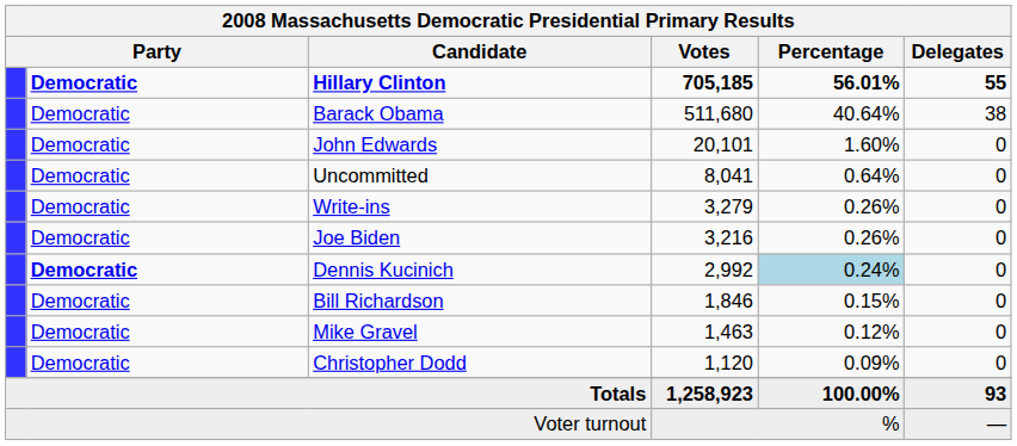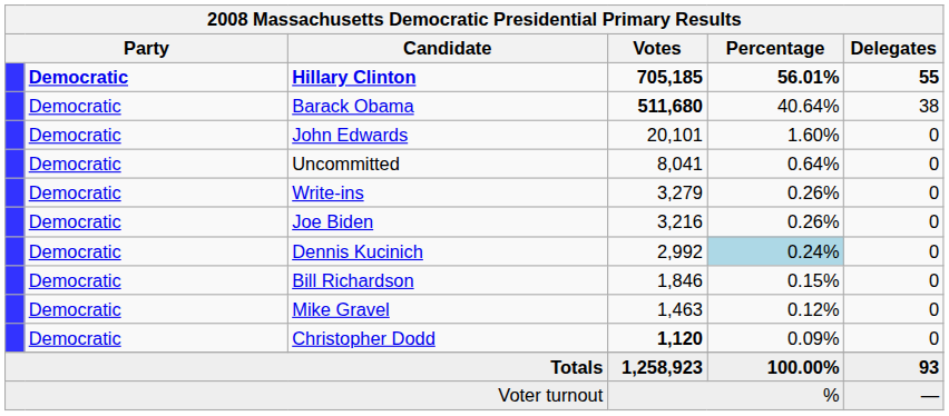 <table class="wikitable" style="font-size:95%;">
 <tr>
 <th colspan="7">2008 Massachusetts Democratic Presidential Primary Results</th>
 </tr>
 <tr>
 <th colspan="2" style="width: 15em">Party</th>
 <th style="width: 17em">Candidate</th>
 <th style="width: 5em">Votes</th>
 <th style="width: 7em">Percentage</th>
 <th style="width: 5em">Delegates</th>
 </tr>
 <tr>
 <th style="background-color:#3333FF; width: 3px"></th>
 <td style="width: 130px"><strong><a href='#'>Democratic</a></strong></td>
 <td><strong><a href='#'>Hillary Clinton</a></strong></td>
 <td align="right"><strong>705,185</strong></td>
 <td align="right"><strong>56.01%</strong></td>
 <td align="right"><strong>55</strong></td>
 </tr>
 <tr>
 <th style="background-color:#3333FF; width: 3px"></th>
 <td style="width: 130px"><a href='#'>Democratic</a></td>
 <td><a href='#'>Barack Obama</a></td>
-<td align="right">511,680</td>
+<td align="right"><strong>511,680</strong></td>
 <td align="right">40.64%</td>
 <td align="right">38</td>
 </tr>
 <tr>
 <th style="background-color:#3333FF; width: 3px"></th>
 <td style="width: 130px"><a href='#'>Democratic</a></td>
 <td><a href='#'>John Edwards</a></td>
 <td align="right">20,101</td>
 <td align="right">1.60%</td>
 <td align="right">0</td>
 </tr>
 <tr>
 <th style="background-color:#3333FF; width: 3px"></th>
 <td style="width: 130px"><a href='#'>Democratic</a></td>
 <td>Uncommitted</td>
 <td align="right">8,041</td>
 <td align="right">0.64%</td>
 <td align="right">0</td>
 </tr>
 <tr>
 <th style="background-color:#3333FF; width: 3px"></th>
 <td style="width: 130px"><a href='#'>Democratic</a></td>
 <td><a href='#'>Write-ins</a></td>
 <td align="right">3,279</td>
 <td align="right">0.26%</td>
 <td align="right">0</td>
 </tr>
 <tr>
 <th style="background-color:#3333FF; width: 3px"></th>
 <td style="width: 130px"><a href='#'>Democratic</a></td>
 <td><a href='#'>Joe Biden</a></td>
 <td align="right">3,216</td>
 <td align="right">0.26%</td>
 <td align="right">0</td>
 </tr>
 <tr>
 <th style="background-color:#3333FF; width: 3px"></th>
-<td style="width: 130px"><strong><a href='#'>Democratic</a></strong></td>
+<td style="width: 130px"><a href='#'>Democratic</a></td>
 <td><a href='#'>Dennis Kucinich</a></td>
 <td align="right">2,992</td>
 <td align="right" style="background: lightblue;">0.24%</td>
 <td align="right">0</td>
 </tr>
 <tr>
 <th style="background-color:#3333FF; width: 3px"></th>
 <td style="width: 130px"><a href='#'>Democratic</a></td>
 <td><a href='#'>Bill Richardson</a></td>
 <td align="right">1,846</td>
 <td align="right">0.15%</td>
 <td align="right">0</td>
 </tr>
 <tr>
 <th style="background-color:#3333FF; width: 3px"></th>
 <td style="width: 130px"><a href='#'>Democratic</a></td>
 <td><a href='#'>Mike Gravel</a></td>
 <td align="right">1,463</td>
 <td align="right">0.12%</td>
 <td align="right">0</td>
 </tr>
 <tr>
 <th style="background-color:#3333FF; width: 3px"></th>
 <td style="width: 130px"><a href='#'>Democratic</a></td>
 <td><a href='#'>Christopher Dodd</a></td>
-<td align="right">1,120</td>
+<td align="right"><strong>1,120</strong></td>
 <td align="right">0.09%</td>
 <td align="right">0</td>
 </tr>
 <tr>
 </tr>
 <tr bgcolor="#EEEEEE">
 <td colspan="3" align="right"><strong>Totals</strong></td>
 <td align="right"><strong>1,258,923</strong></td>
 <td align="right"><strong>100.00%</strong></td>
 <td align="right"><strong>93</strong></td>
 </tr>
 <tr bgcolor="#EEEEEE">
 <td colspan="3" align="right">Voter turnout</td>
 <td colspan="2" align="right">%</td>
 <td align="right">—</td>
 </tr>
 </table>
